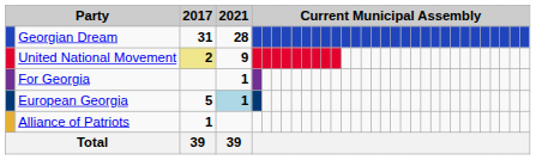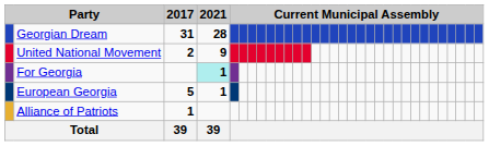 <table class="wikitable">
 <tr>
 <th colspan="2" style="background:#ccc">Party</th>
 <th style="background:#ccc">2017</th>
 <th style="background:#ccc">2021</th>
 <th colspan="33" style="background:#ccc">Current Municipal Assembly</th>
 </tr>
 <tr>
 <td style="background-color: #2044BC "> </td>
 <td><a href='#'>Georgian Dream</a></td>
 <td style="text-align: right"><strong>31</strong></td>
 <td style="text-align: right"><strong>28</strong></td>
 <td style="background-color: #2044BC "></td>
 <td style="background-color: #2044BC "> </td>
 <td style="background-color: #2044BC "> </td>
 <td style="background-color: #2044BC "> </td>
 <td style="background-color: #2044BC "> </td>
 <td style="background-color: #2044BC "> </td>
 <td style="background-color: #2044BC "> </td>
 <td style="background-color: #2044BC "> </td>
 <td style="background-color: #2044BC "> </td>
 <td style="background-color: #2044BC "> </td>
 <td style="background-color: #2044BC "> </td>
 <td style="background-color: #2044BC "> </td>
 <td style="background-color: #2044BC "> </td>
 <td style="background-color: #2044BC "> </td>
 <td style="background-color: #2044BC "> </td>
 <td style="background-color: #2044BC "> </td>
 <td style="background-color: #2044BC "> </td>
 <td style="background-color: #2044BC "> </td>
 <td style="background-color: #2044BC "> </td>
 <td style="background-color: #2044BC "> </td>
 <td style="background-color: #2044BC "> </td>
 <td style="background-color: #2044BC "> </td>
 <td style="background-color: #2044BC "> </td>
 <td style="background-color: #2044BC "> </td>
 <td style="background-color: #2044BC "> </td>
 <td style="background-color: #2044BC "> </td>
 <td style="background-color: #2044BC "> </td>
 <td style="background-color: #2044BC "> </td>
 </tr>
 <tr>
 <td style="background-color: #e4012e "> </td>
 <td><a href='#'>United National Movement</a></td>
-<td style="background: khaki; text-align: right"><strong>2</strong></td>
+<td style="text-align: right"><strong>2</strong></td>
 <td style="text-align: right"><strong>9</strong></td>
 <td style="background-color: #e4012e "> </td>
 <td style="background-color: #e4012e "> </td>
 <td style="background-color: #e4012e "> </td>
 <td style="background-color: #e4012e "> </td>
 <td style="background-color: #e4012e "> </td>
 <td style="background-color: #e4012e "> </td>
 <td style="background-color: #e4012e "> </td>
 <td style="background-color: #e4012e "> </td>
 <td style="background-color: #e4012e "> </td>
 <td></td>
 <td></td>
 <td></td>
 <td></td>
 <td></td>
 <td></td>
 <td></td>
 <td></td>
 <td></td>
 <td></td>
 <td></td>
 <td></td>
 <td></td>
 <td></td>
 <td></td>
 <td></td>
 <td></td>
 <td></td>
 <td></td>
 </tr>
 <tr>
 <td style="background-color: #702F92 "> </td>
 <td><a href='#'>For Georgia</a></td>
 <td></td>
-<td style="text-align: right"><strong>1</strong></td>
+<td style="background: paleturquoise; text-align: right"><strong>1</strong></td>
 <td style="background-color: #702F92 "> </td>
 <td></td>
 <td></td>
 <td></td>
 <td></td>
 <td></td>
 <td></td>
 <td></td>
 <td></td>
 <td></td>
 <td></td>
 <td></td>
 <td></td>
 <td></td>
 <td></td>
 <td></td>
 <td></td>
 <td></td>
 <td></td>
 <td></td>
 <td></td>
 <td></td>
 <td></td>
 <td></td>
 <td></td>
 <td></td>
 <td></td>
 <td></td>
 </tr>
 <tr>
 <td style="background-color: #003876 "> </td>
 <td><a href='#'>European Georgia</a></td>
 <td style="text-align: right"><strong>5</strong></td>
-<td style="background: lightblue; text-align: right"><strong>1</strong></td>
+<td style="text-align: right"><strong>1</strong></td>
 <td style="background-color: #003876 "> </td>
 <td></td>
 <td></td>
 <td></td>
 <td></td>
 <td></td>
 <td></td>
 <td></td>
 <td></td>
 <td></td>
 <td></td>
 <td></td>
 <td></td>
 <td></td>
 <td></td>
 <td></td>
 <td></td>
 <td></td>
 <td></td>
 <td></td>
 <td></td>
 <td></td>
 <td></td>
 <td></td>
 <td></td>
 <td></td>
 <td></td>
 <td></td>
 </tr>
 <tr>
 <td style="background-color: #e7b031 "> </td>
 <td><a href='#'>Alliance of Patriots</a></td>
 <td style="text-align: right"><strong>1</strong></td>
 <td></td>
 <td></td>
 <td></td>
 <td></td>
 <td></td>
 <td></td>
 <td></td>
 <td></td>
 <td></td>
 <td></td>
 <td></td>
 <td></td>
 <td></td>
 <td></td>
 <td></td>
 <td></td>
 <td></td>
 <td></td>
 <td></td>
 <td></td>
 <td></td>
 <td></td>
 <td></td>
 <td></td>
 <td></td>
 <td></td>
 <td></td>
 <td></td>
 <td></td>
 </tr>
 <tr>
 <th colspan="2">Total</th>
 <th align="right">39</th>
 <th align="right">39</th>
 <th colspan="33"> </th>
 </tr>
 </table>
